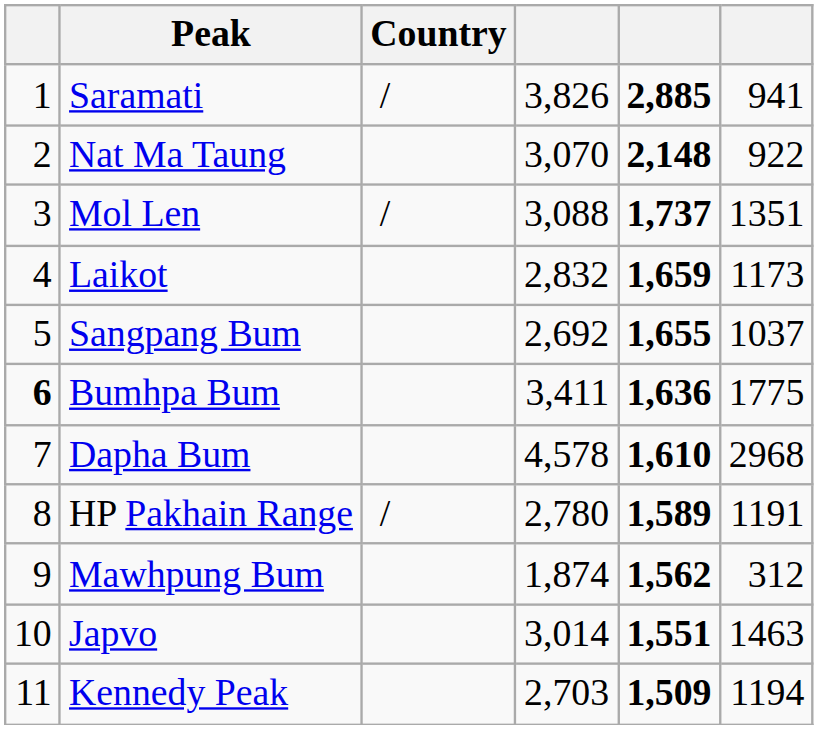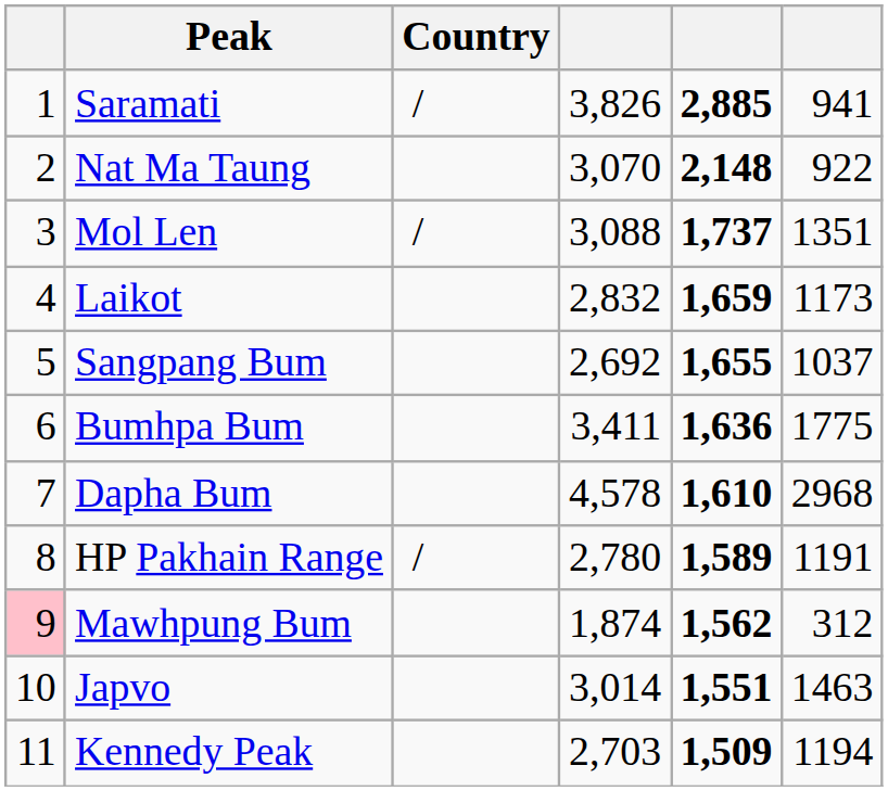 <table class="wikitable sortable" style="text-align:right;">
 <tr>
 <th></th>
 <th>Peak</th>
 <th>Country</th>
 <th></th>
 <th></th>
 <th></th>
 </tr>
 <tr>
 <td>1</td>
 <td style="text-align:left;"><a href='#'>Saramati</a></td>
 <td style="text-align:left;"> / </td>
 <td>3,826</td>
 <td><strong>2,885</strong></td>
 <td>941</td>
 </tr>
 <tr>
 <td>2</td>
 <td style="text-align:left;"><a href='#'>Nat Ma Taung</a></td>
 <td style="text-align:left;"></td>
 <td>3,070</td>
 <td><strong>2,148</strong></td>
 <td>922</td>
 </tr>
 <tr>
 <td>3</td>
 <td style="text-align:left;"><a href='#'>Mol Len</a></td>
 <td style="text-align:left;"> / </td>
 <td>3,088</td>
 <td><strong>1,737</strong></td>
 <td>1351</td>
 </tr>
 <tr>
 <td>4</td>
 <td style="text-align:left;"><a href='#'>Laikot</a></td>
 <td style="text-align:left;"></td>
 <td>2,832</td>
 <td><strong>1,659</strong></td>
 <td>1173</td>
 </tr>
 <tr>
 <td>5</td>
 <td style="text-align:left;"><a href='#'>Sangpang Bum</a></td>
 <td style="text-align:left;"></td>
 <td>2,692</td>
 <td><strong>1,655</strong></td>
 <td>1037</td>
 </tr>
 <tr>
-<td><strong>6</strong></td>
+<td>6</td>
 <td style="text-align:left;"><a href='#'>Bumhpa Bum</a></td>
 <td style="text-align:left;"></td>
 <td>3,411</td>
 <td><strong>1,636</strong></td>
 <td>1775</td>
 </tr>
 <tr>
 <td>7</td>
 <td style="text-align:left;"><a href='#'>Dapha Bum</a></td>
 <td style="text-align:left;"></td>
 <td>4,578</td>
 <td><strong>1,610</strong></td>
 <td>2968</td>
 </tr>
 <tr>
 <td>8</td>
 <td style="text-align:left;">HP <a href='#'>Pakhain Range</a></td>
 <td style="text-align:left;"> / </td>
 <td>2,780</td>
 <td><strong>1,589</strong></td>
 <td>1191</td>
 </tr>
 <tr>
-<td>9</td>
+<td style="background: pink;">9</td>
 <td style="text-align:left;"><a href='#'>Mawhpung Bum</a></td>
 <td style="text-align:left;"></td>
 <td>1,874</td>
 <td><strong>1,562</strong></td>
 <td>312</td>
 </tr>
 <tr>
 <td>10</td>
 <td style="text-align:left;"><a href='#'>Japvo</a></td>
 <td style="text-align:left;"></td>
 <td>3,014</td>
 <td><strong>1,551</strong></td>
 <td>1463</td>
 </tr>
 <tr>
 <td>11</td>
 <td style="text-align:left;"><a href='#'>Kennedy Peak</a></td>
 <td style="text-align:left;"></td>
 <td>2,703</td>
 <td><strong>1,509</strong></td>
 <td>1194</td>
 </tr>
 <tr>
 </tr>
 </table>
